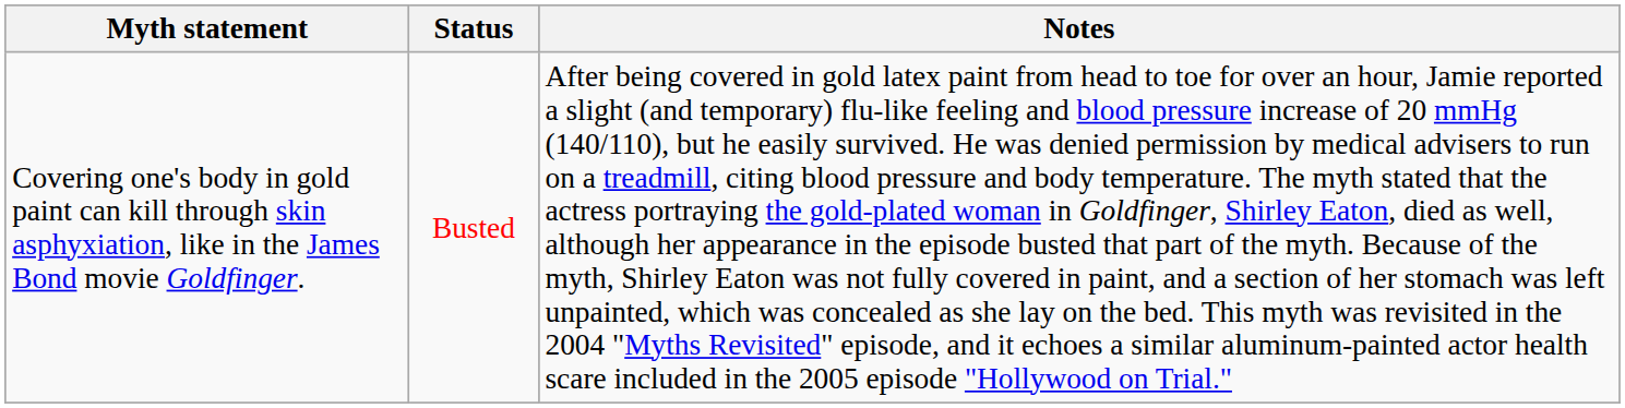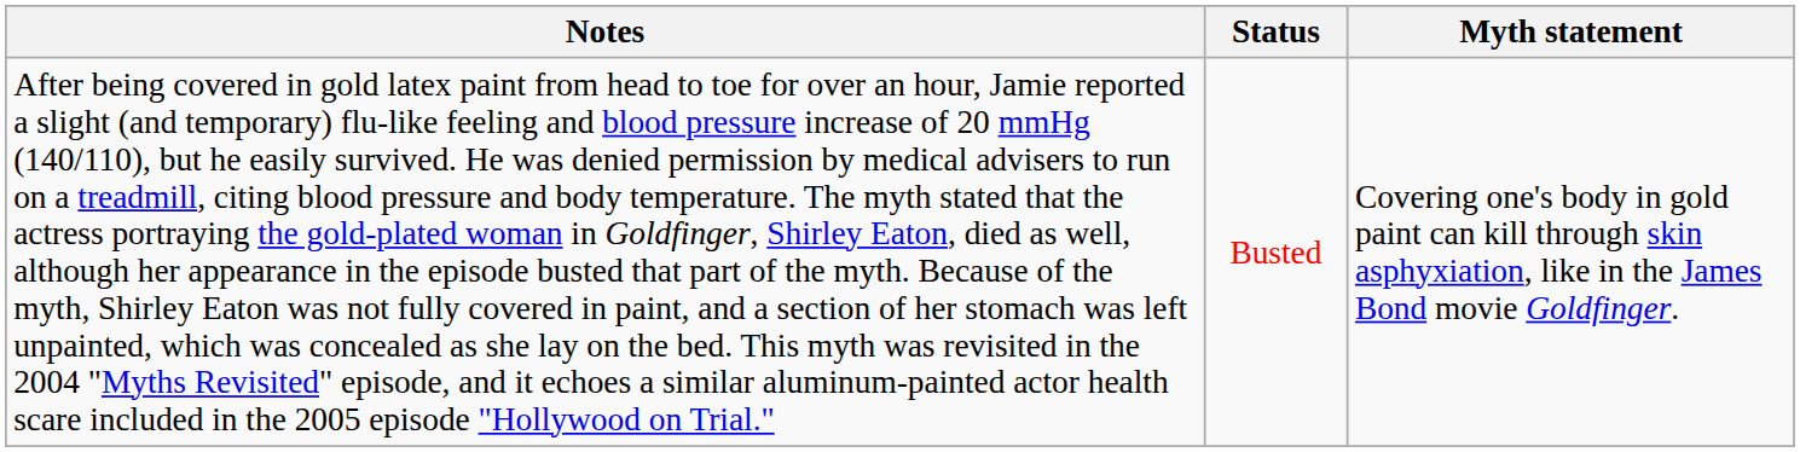 <table class="wikitable" style="width:98%;">
 <tr>
+<th style="width:67%;">Notes</th>
+<th style="width:8%;">Status</th>
 <th style="width:25%;">Myth statement</th>
-<th style="width:8%;">Status</th>
-<th style="width:67%;">Notes</th>
 </tr>
 <tr>
+<td>After being covered in gold latex paint from head to toe for over an hour, Jamie reported a slight (and temporary) flu-like feeling and <a href='#'>blood pressure</a> increase of 20 <a href='#'>mmHg</a> (140/110), but he easily survived. He was denied permission by medical advisers to run on a <a href='#'>treadmill</a>, citing blood pressure and body temperature. The myth stated that the actress portraying <a href='#'>the gold-plated woman</a> in <em>Goldfinger</em>, <a href='#'>Shirley Eaton</a>, died as well, although her appearance in the episode busted that part of the myth. Because of the myth, Shirley Eaton was not fully covered in paint, and a section of her stomach was left unpainted, which was concealed as she lay on the bed. This myth was revisited in the 2004 "<a href='#'>Myths Revisited</a>" episode, and it echoes a similar aluminum-painted actor health scare included in the 2005 episode <a href='#'>"Hollywood on Trial."</a></td>
+<td style="color:white; text-align:center; color:red;">Busted</td>
 <td>Covering one's body in gold paint can kill through <a href='#'>skin</a> <a href='#'>asphyxiation</a>, like in the <a href='#'>James Bond</a> movie <em><a href='#'>Goldfinger</a></em>.</td>
-<td style="color:white; text-align:center; color:red;">Busted</td>
-<td>After being covered in gold latex paint from head to toe for over an hour, Jamie reported a slight (and temporary) flu-like feeling and <a href='#'>blood pressure</a> increase of 20 <a href='#'>mmHg</a> (140/110), but he easily survived. He was denied permission by medical advisers to run on a <a href='#'>treadmill</a>, citing blood pressure and body temperature. The myth stated that the actress portraying <a href='#'>the gold-plated woman</a> in <em>Goldfinger</em>, <a href='#'>Shirley Eaton</a>, died as well, although her appearance in the episode busted that part of the myth. Because of the myth, Shirley Eaton was not fully covered in paint, and a section of her stomach was left unpainted, which was concealed as she lay on the bed. This myth was revisited in the 2004 "<a href='#'>Myths Revisited</a>" episode, and it echoes a similar aluminum-painted actor health scare included in the 2005 episode <a href='#'>"Hollywood on Trial."</a></td>
 </tr>
 </table>
